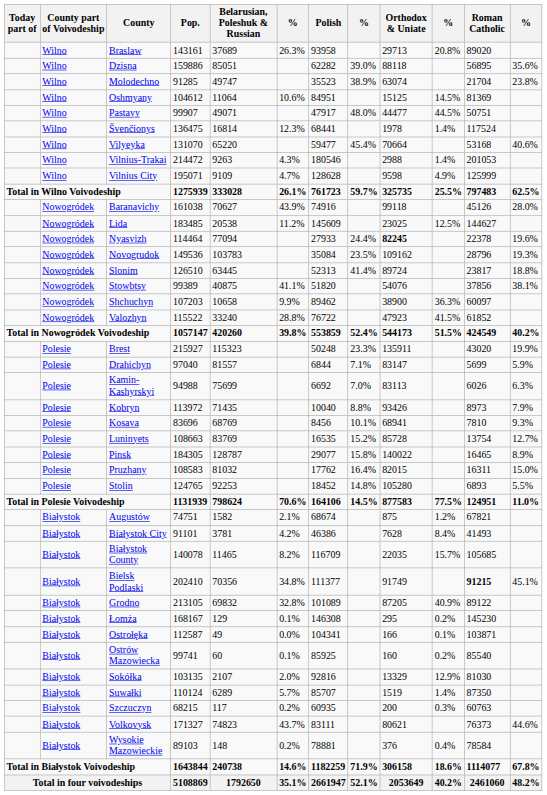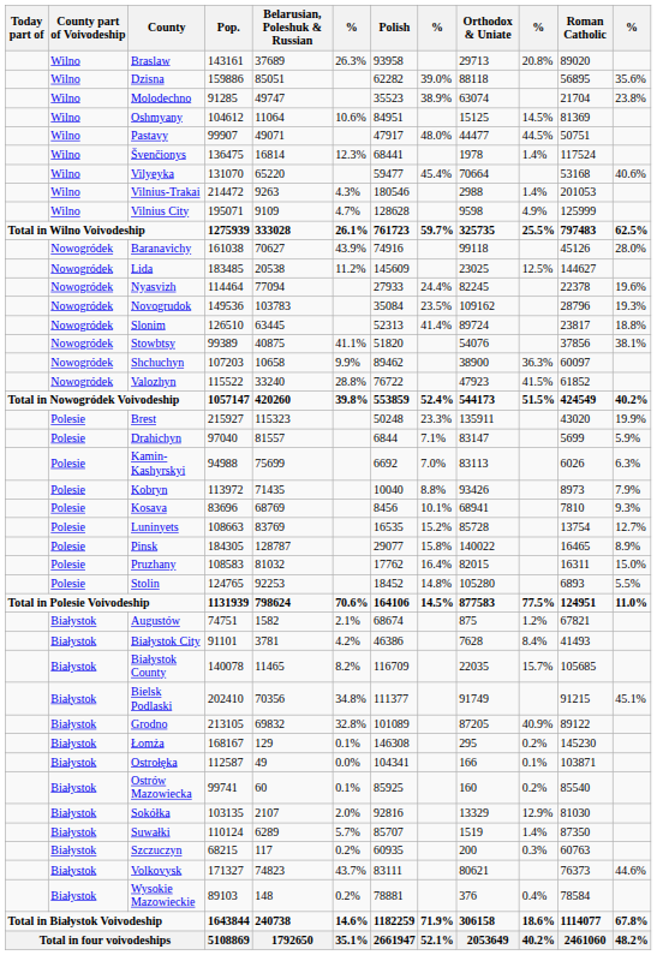 <table class="wikitable sortable mw-collapsible">
 <tr>
 <th>Today part of</th>
 <th>County part of Voivodeship</th>
 <th>County</th>
 <th>Pop.</th>
 <th><strong>Belarusian, Poleshuk & Russian</strong></th>
 <th>%</th>
 <th>Polish</th>
 <th>%</th>
 <th>Orthodox & Uniate</th>
 <th>%</th>
 <th>Roman Catholic</th>
 <th>%</th>
 </tr>
 <tr>
 <td> </td>
 <td><a href='#'>Wilno</a></td>
 <td><a href='#'>Braslaw</a></td>
 <td>143161</td>
 <td>37689</td>
 <td>26.3%</td>
 <td>93958</td>
 <td></td>
 <td>29713</td>
 <td>20.8%</td>
 <td>89020</td>
 <td></td>
 </tr>
 <tr>
 <td></td>
 <td><a href='#'>Wilno</a></td>
 <td><a href='#'>Dzisna</a></td>
 <td>159886</td>
 <td>85051</td>
 <td></td>
 <td>62282</td>
 <td>39.0%</td>
 <td>88118</td>
 <td></td>
 <td>56895</td>
 <td>35.6%</td>
 </tr>
 <tr>
 <td></td>
 <td><a href='#'>Wilno</a></td>
 <td><a href='#'>Molodechno</a></td>
 <td>91285</td>
 <td>49747</td>
 <td></td>
 <td>35523</td>
 <td>38.9%</td>
 <td>63074</td>
 <td></td>
 <td>21704</td>
 <td>23.8%</td>
 </tr>
 <tr>
 <td></td>
 <td><a href='#'>Wilno</a></td>
 <td><a href='#'>Oshmyany</a></td>
 <td>104612</td>
 <td>11064</td>
 <td>10.6%</td>
 <td>84951</td>
 <td></td>
 <td>15125</td>
 <td>14.5%</td>
 <td>81369</td>
 <td></td>
 </tr>
 <tr>
 <td></td>
 <td><a href='#'>Wilno</a></td>
 <td><a href='#'>Pastavy</a></td>
 <td>99907</td>
 <td>49071</td>
 <td></td>
 <td>47917</td>
 <td>48.0%</td>
 <td>44477</td>
 <td>44.5%</td>
 <td>50751</td>
 <td></td>
 </tr>
 <tr>
 <td> </td>
 <td><a href='#'>Wilno</a></td>
 <td><a href='#'>Švenčionys</a></td>
 <td>136475</td>
 <td>16814</td>
 <td>12.3%</td>
 <td>68441</td>
 <td></td>
 <td>1978</td>
 <td>1.4%</td>
 <td>117524</td>
 <td> </td>
 </tr>
 <tr>
 <td></td>
 <td><a href='#'>Wilno</a></td>
 <td><a href='#'>Vilyeyka</a></td>
 <td>131070</td>
 <td>65220</td>
 <td></td>
 <td>59477</td>
 <td>45.4%</td>
 <td>70664</td>
 <td></td>
 <td>53168</td>
 <td>40.6%</td>
 </tr>
 <tr>
 <td> </td>
 <td><a href='#'>Wilno</a></td>
 <td><a href='#'>Vilnius-Trakai</a></td>
 <td>214472</td>
 <td>9263</td>
 <td>4.3%</td>
 <td>180546</td>
 <td></td>
 <td>2988</td>
 <td>1.4%</td>
 <td>201053</td>
 <td></td>
 </tr>
 <tr>
 <td></td>
 <td><a href='#'>Wilno</a></td>
 <td><a href='#'>Vilnius City</a></td>
 <td>195071</td>
 <td>9109</td>
 <td>4.7%</td>
 <td>128628</td>
 <td></td>
 <td>9598</td>
 <td>4.9%</td>
 <td>125999</td>
 <td></td>
 </tr>
 <tr>
 <td colspan="3"><strong>Total in Wilno Voivodeship</strong></td>
 <td><strong>1275939</strong></td>
 <td><strong>333028</strong></td>
 <td><strong>26.1%</strong></td>
 <td><strong>761723</strong></td>
 <td><strong>59.7%</strong></td>
 <td><strong>325735</strong></td>
 <td><strong>25.5%</strong></td>
 <td><strong>797483</strong></td>
 <td><strong>62.5%</strong></td>
 </tr>
 <tr>
 <td></td>
 <td><a href='#'>Nowogródek</a></td>
 <td><a href='#'>Baranavichy</a></td>
 <td>161038</td>
 <td>70627</td>
 <td>43.9%</td>
 <td>74916</td>
 <td></td>
 <td>99118</td>
 <td></td>
 <td>45126</td>
 <td>28.0%</td>
 </tr>
 <tr>
 <td></td>
 <td><a href='#'>Nowogródek</a></td>
 <td><a href='#'>Lida</a></td>
 <td>183485</td>
 <td>20538</td>
 <td>11.2%</td>
 <td>145609</td>
 <td></td>
 <td>23025</td>
 <td>12.5%</td>
 <td>144627</td>
 <td></td>
 </tr>
 <tr>
 <td></td>
 <td><a href='#'>Nowogródek</a></td>
 <td><a href='#'>Nyasvizh</a></td>
 <td>114464</td>
 <td>77094</td>
 <td></td>
 <td>27933</td>
 <td>24.4%</td>
-<td><strong>82245</strong></td>
+<td>82245</td>
 <td></td>
 <td>22378</td>
 <td>19.6%</td>
 </tr>
 <tr>
 <td></td>
 <td><a href='#'>Nowogródek</a></td>
 <td><a href='#'>Novogrudok</a></td>
 <td>149536</td>
 <td>103783</td>
 <td></td>
 <td>35084</td>
 <td>23.5%</td>
 <td>109162</td>
 <td></td>
 <td>28796</td>
 <td>19.3%</td>
 </tr>
 <tr>
 <td></td>
 <td><a href='#'>Nowogródek</a></td>
 <td><a href='#'>Slonim</a></td>
 <td>126510</td>
 <td>63445</td>
 <td></td>
 <td>52313</td>
 <td>41.4%</td>
 <td>89724</td>
 <td></td>
 <td>23817</td>
 <td>18.8%</td>
 </tr>
 <tr>
 <td></td>
 <td><a href='#'>Nowogródek</a></td>
 <td><a href='#'>Stowbtsy</a></td>
 <td>99389</td>
 <td>40875</td>
 <td>41.1%</td>
 <td>51820</td>
 <td></td>
 <td>54076</td>
 <td></td>
 <td>37856</td>
 <td>38.1%</td>
 </tr>
 <tr>
 <td></td>
 <td><a href='#'>Nowogródek</a></td>
 <td><a href='#'>Shchuchyn</a></td>
 <td>107203</td>
 <td>10658</td>
 <td>9.9%</td>
 <td>89462</td>
 <td></td>
 <td>38900</td>
 <td>36.3%</td>
 <td>60097</td>
 <td></td>
 </tr>
 <tr>
 <td></td>
 <td><a href='#'>Nowogródek</a></td>
 <td><a href='#'>Valozhyn</a></td>
 <td>115522</td>
 <td>33240</td>
 <td>28.8%</td>
 <td>76722</td>
 <td></td>
 <td>47923</td>
 <td>41.5%</td>
 <td>61852</td>
 <td></td>
 </tr>
 <tr>
 <td colspan="3"><strong>Total in Nowogródek Voivodeship</strong></td>
 <td><strong>1057147</strong></td>
 <td><strong>420260</strong></td>
 <td><strong>39.8%</strong></td>
 <td><strong>553859</strong></td>
 <td><strong>52.4%</strong></td>
 <td><strong>544173</strong></td>
 <td><strong>51.5%</strong></td>
 <td><strong>424549</strong></td>
 <td><strong>40.2%</strong></td>
 </tr>
 <tr>
 <td></td>
 <td><a href='#'>Polesie</a></td>
 <td><a href='#'>Brest</a></td>
 <td>215927</td>
 <td>115323</td>
 <td></td>
 <td>50248</td>
 <td>23.3%</td>
 <td>135911</td>
 <td></td>
 <td>43020</td>
 <td>19.9%</td>
 </tr>
 <tr>
 <td></td>
 <td><a href='#'>Polesie</a></td>
 <td><a href='#'>Drahichyn</a></td>
 <td>97040</td>
 <td>81557</td>
 <td></td>
 <td>6844</td>
 <td>7.1%</td>
 <td>83147</td>
 <td></td>
 <td>5699</td>
 <td>5.9%</td>
 </tr>
 <tr>
 <td> </td>
 <td><a href='#'>Polesie</a></td>
 <td><a href='#'>Kamin-Kashyrskyi</a></td>
 <td>94988</td>
 <td>75699</td>
 <td></td>
 <td>6692</td>
 <td>7.0%</td>
 <td>83113</td>
 <td></td>
 <td>6026</td>
 <td>6.3%</td>
 </tr>
 <tr>
 <td></td>
 <td><a href='#'>Polesie</a></td>
 <td><a href='#'>Kobryn</a></td>
 <td>113972</td>
 <td>71435</td>
 <td></td>
 <td>10040</td>
 <td>8.8%</td>
 <td>93426</td>
 <td></td>
 <td>8973</td>
 <td>7.9%</td>
 </tr>
 <tr>
 <td></td>
 <td><a href='#'>Polesie</a></td>
 <td><a href='#'>Kosava</a></td>
 <td>83696</td>
 <td>68769</td>
 <td></td>
 <td>8456</td>
 <td>10.1%</td>
 <td>68941</td>
 <td></td>
 <td>7810</td>
 <td>9.3%</td>
 </tr>
 <tr>
 <td></td>
 <td><a href='#'>Polesie</a></td>
 <td><a href='#'>Luninyets</a></td>
 <td>108663</td>
 <td>83769</td>
 <td></td>
 <td>16535</td>
 <td>15.2%</td>
 <td>85728</td>
 <td></td>
 <td>13754</td>
 <td>12.7%</td>
 </tr>
 <tr>
 <td></td>
 <td><a href='#'>Polesie</a></td>
 <td><a href='#'>Pinsk</a></td>
 <td>184305</td>
 <td>128787</td>
 <td></td>
 <td>29077</td>
 <td>15.8%</td>
 <td>140022</td>
 <td></td>
 <td>16465</td>
 <td>8.9%</td>
 </tr>
 <tr>
 <td></td>
 <td><a href='#'>Polesie</a></td>
 <td><a href='#'>Pruzhany</a></td>
 <td>108583</td>
 <td>81032</td>
 <td></td>
 <td>17762</td>
 <td>16.4%</td>
 <td>82015</td>
 <td></td>
 <td>16311</td>
 <td>15.0%</td>
 </tr>
 <tr>
 <td> </td>
 <td><a href='#'>Polesie</a></td>
 <td><a href='#'>Stolin</a></td>
 <td>124765</td>
 <td>92253</td>
 <td></td>
 <td>18452</td>
 <td>14.8%</td>
 <td>105280</td>
 <td></td>
 <td>6893</td>
 <td>5.5%</td>
 </tr>
 <tr>
 <td colspan="3"><strong>Total in Polesie Voivodeship</strong></td>
 <td><strong>1131939</strong></td>
 <td><strong>798624</strong></td>
 <td><strong>70.6%</strong></td>
 <td><strong>164106</strong></td>
 <td><strong>14.5%</strong></td>
 <td><strong>877583</strong></td>
 <td><strong>77.5%</strong></td>
 <td><strong>124951</strong></td>
 <td><strong>11.0%</strong></td>
 </tr>
 <tr>
 <td></td>
 <td><a href='#'>Białystok</a></td>
 <td><a href='#'>Augustów</a></td>
 <td>74751</td>
 <td>1582</td>
 <td>2.1%</td>
 <td>68674</td>
 <td></td>
 <td>875</td>
 <td>1.2%</td>
 <td>67821</td>
 <td></td>
 </tr>
 <tr>
 <td></td>
 <td><a href='#'>Białystok</a></td>
 <td><a href='#'>Białystok City</a></td>
 <td>91101</td>
 <td>3781</td>
 <td>4.2%</td>
 <td>46386</td>
 <td></td>
 <td>7628</td>
 <td>8.4%</td>
 <td>41493</td>
 <td></td>
 </tr>
 <tr>
 <td></td>
 <td><a href='#'>Białystok</a></td>
 <td><a href='#'>Białystok County</a></td>
 <td>140078</td>
 <td>11465</td>
 <td>8.2%</td>
 <td>116709</td>
 <td></td>
 <td>22035</td>
 <td>15.7%</td>
 <td>105685</td>
 <td></td>
 </tr>
 <tr>
 <td></td>
 <td><a href='#'>Białystok</a></td>
 <td><a href='#'>Bielsk Podlaski</a></td>
 <td>202410</td>
 <td>70356</td>
 <td>34.8%</td>
 <td>111377</td>
 <td></td>
 <td>91749</td>
 <td></td>
-<td><strong>91215</strong></td>
+<td>91215</td>
 <td>45.1%</td>
 </tr>
 <tr>
 <td> </td>
 <td><a href='#'>Białystok</a></td>
 <td><a href='#'>Grodno</a></td>
 <td>213105</td>
 <td>69832</td>
 <td>32.8%</td>
 <td>101089</td>
 <td></td>
 <td>87205</td>
 <td>40.9%</td>
 <td>89122</td>
 <td> </td>
 </tr>
 <tr>
 <td></td>
 <td><a href='#'>Białystok</a></td>
 <td><a href='#'>Łomża</a></td>
 <td>168167</td>
 <td>129</td>
 <td>0.1%</td>
 <td>146308</td>
 <td></td>
 <td>295</td>
 <td>0.2%</td>
 <td>145230</td>
 <td></td>
 </tr>
 <tr>
 <td></td>
 <td><a href='#'>Białystok</a></td>
 <td><a href='#'>Ostrołęka</a></td>
 <td>112587</td>
 <td>49</td>
 <td>0.0%</td>
 <td>104341</td>
 <td></td>
 <td>166</td>
 <td>0.1%</td>
 <td>103871</td>
 <td></td>
 </tr>
 <tr>
 <td></td>
 <td><a href='#'>Białystok</a></td>
 <td><a href='#'>Ostrów Mazowiecka</a></td>
 <td>99741</td>
 <td>60</td>
 <td>0.1%</td>
 <td>85925</td>
 <td></td>
 <td>160</td>
 <td>0.2%</td>
 <td>85540</td>
 <td></td>
 </tr>
 <tr>
 <td></td>
 <td><a href='#'>Białystok</a></td>
 <td><a href='#'>Sokółka</a></td>
 <td>103135</td>
 <td>2107</td>
 <td>2.0%</td>
 <td>92816</td>
 <td></td>
 <td>13329</td>
 <td>12.9%</td>
 <td>81030</td>
 <td></td>
 </tr>
 <tr>
 <td></td>
 <td><a href='#'>Białystok</a></td>
 <td><a href='#'>Suwałki</a></td>
 <td>110124</td>
 <td>6289</td>
 <td>5.7%</td>
 <td>85707</td>
 <td></td>
 <td>1519</td>
 <td>1.4%</td>
 <td>87350</td>
 <td></td>
 </tr>
 <tr>
 <td></td>
 <td><a href='#'>Białystok</a></td>
 <td><a href='#'>Szczuczyn</a></td>
 <td>68215</td>
 <td>117</td>
 <td>0.2%</td>
 <td>60935</td>
 <td></td>
 <td>200</td>
 <td>0.3%</td>
 <td>60763</td>
 <td></td>
 </tr>
 <tr>
 <td></td>
 <td><a href='#'>Białystok</a></td>
 <td><a href='#'>Volkovysk</a></td>
 <td>171327</td>
 <td>74823</td>
 <td>43.7%</td>
 <td>83111</td>
 <td></td>
 <td>80621</td>
 <td></td>
 <td>76373</td>
 <td>44.6%</td>
 </tr>
 <tr>
 <td></td>
 <td><a href='#'>Białystok</a></td>
 <td><a href='#'>Wysokie Mazowieckie</a></td>
 <td>89103</td>
 <td>148</td>
 <td>0.2%</td>
 <td>78881</td>
 <td></td>
 <td>376</td>
 <td>0.4%</td>
 <td>78584</td>
 <td></td>
 </tr>
 <tr>
 <td colspan="3"><strong>Total in Białystok Voivodeship</strong></td>
 <td><strong>1643844</strong></td>
 <td><strong>240738</strong></td>
 <td><strong>14.6%</strong></td>
 <td><strong>1182259</strong></td>
 <td><strong>71.9%</strong></td>
 <td><strong>306158</strong></td>
 <td><strong>18.6%</strong></td>
 <td><strong>1114077</strong></td>
 <td><strong>67.8%</strong></td>
 </tr>
 <tr>
 <th colspan="3"><strong>Total in four voivodeships</strong></th>
 <th><strong>5108869</strong></th>
 <th><strong>1792650</strong></th>
 <th><strong>35.1%</strong></th>
 <th><strong>2661947</strong></th>
 <th><strong>52.1%</strong></th>
 <th><strong>2053649</strong></th>
 <th><strong>40.2%</strong></th>
 <th><strong>2461060</strong></th>
 <th><strong>48.2%</strong></th>
 </tr>
 </table>
